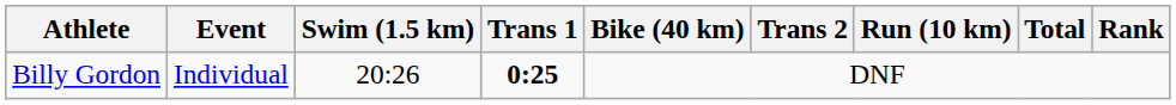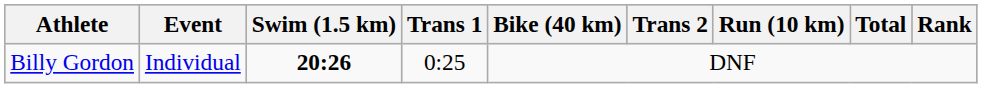 <table class="wikitable" style="font-size:90%">
 <tr>
 <th>Athlete</th>
 <th>Event</th>
 <th>Swim (1.5 km)</th>
 <th>Trans 1</th>
 <th>Bike (40 km)</th>
 <th>Trans 2</th>
 <th>Run (10 km)</th>
 <th>Total</th>
 <th>Rank</th>
 </tr>
 <tr>
 <td><a href='#'>Billy Gordon</a></td>
 <td><a href='#'>Individual</a></td>
-<td align=center>20:26</td>
-<td align=center><strong>0:25</strong></td>
+<td align=center><strong>20:26</strong></td>
+<td align=center>0:25</td>
 <td align=center colspan="5">DNF</td>
 </tr>
 </table>
